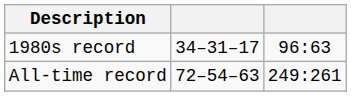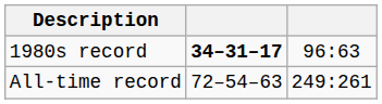 <table class="wikitable">
 <tr>
 <th>Description</th>
 <th></th>
 <th></th>
 </tr>
 <tr>
 <td>1980s record</td>
-<td align="center">34–31–17</td>
+<td align="center"><strong>34–31–17</strong></td>
 <td align="center">96:63</td>
 </tr>
 <tr>
 <td>All-time record</td>
 <td align="center">72–54–63</td>
 <td align="center">249:261</td>
 </tr>
 </table>
